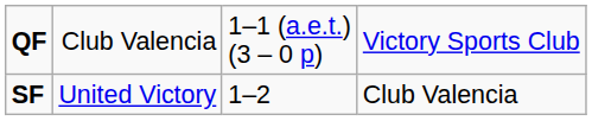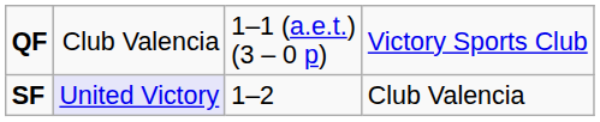 <table class="wikitable" style="font-size:95%">
 <tr>
 <td><strong>QF</strong></td>
 <td align=right>Club Valencia</td>
 <td>1–1 (<a href='#'>a.e.t.</a>)<br>(3 – 0 <a href='#'>p</a>)</td>
 <td><a href='#'>Victory Sports Club</a></td>
 </tr>
 <tr>
 <td><strong>SF</strong></td>
-<td align=right><a href='#'>United Victory</a></td>
+<td align=right style="background: lavender;"><a href='#'>United Victory</a></td>
 <td>1–2</td>
 <td>Club Valencia</td>
 </tr>
 </table>
